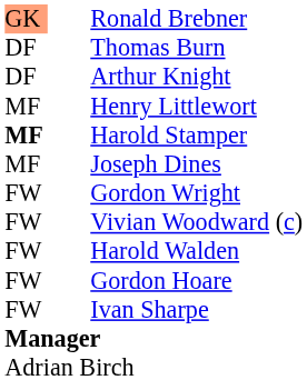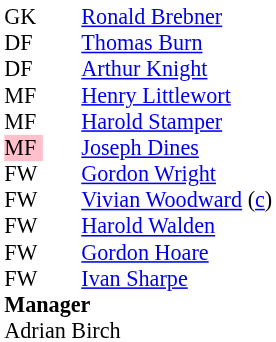 <table style="font-size:90%; margin:0.2em auto;" cellspacing="0" cellpadding="0">
 <tr>
 <th width="25"></th>
 <th width="25"></th>
 </tr>
 <tr>
-<td style="background: lightsalmon;">GK</td>
+<td>GK</td>
 <td></td>
 <td><a href='#'>Ronald Brebner</a></td>
 </tr>
 <tr>
 <td>DF</td>
 <td></td>
 <td><a href='#'>Thomas Burn</a></td>
 </tr>
 <tr>
 <td>DF</td>
 <td></td>
 <td><a href='#'>Arthur Knight</a></td>
 </tr>
 <tr>
 <td>MF</td>
 <td></td>
 <td><a href='#'>Henry Littlewort</a></td>
 </tr>
 <tr>
-<td><strong>MF</strong></td>
+<td>MF</td>
 <td></td>
 <td><a href='#'>Harold Stamper</a></td>
 </tr>
 <tr>
-<td>MF</td>
+<td style="background: pink;">MF</td>
 <td></td>
 <td><a href='#'>Joseph Dines</a></td>
 </tr>
 <tr>
 <td>FW</td>
 <td></td>
 <td><a href='#'>Gordon Wright</a></td>
 </tr>
 <tr>
 <td>FW</td>
 <td></td>
 <td><a href='#'>Vivian Woodward</a> (<a href='#'>c</a>)</td>
 </tr>
 <tr>
 <td>FW</td>
 <td></td>
 <td><a href='#'>Harold Walden</a></td>
 </tr>
 <tr>
 <td>FW</td>
 <td></td>
 <td><a href='#'>Gordon Hoare</a></td>
 </tr>
 <tr>
 <td>FW</td>
 <td></td>
 <td><a href='#'>Ivan Sharpe</a></td>
 </tr>
 <tr>
 <td colspan=3><strong>Manager</strong></td>
 </tr>
 <tr>
 <td colspan=4> Adrian Birch</td>
 </tr>
 </table>
